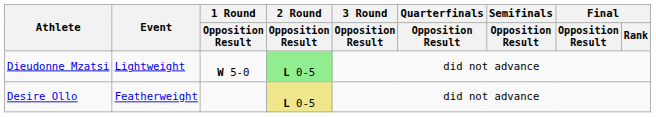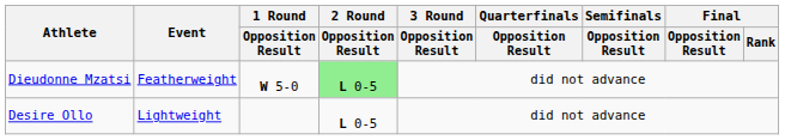 <table class="wikitable" style="font-size:90%">
 <tr>
 <th rowspan="2">Athlete</th>
 <th rowspan="2">Event</th>
 <th>1 Round</th>
 <th>2 Round</th>
 <th>3 Round</th>
 <th>Quarterfinals</th>
 <th>Semifinals</th>
 <th colspan=2>Final</th>
 </tr>
 <tr style="font-size:95%">
 <th>Opposition<br>Result</th>
 <th>Opposition<br>Result</th>
 <th>Opposition<br>Result</th>
 <th>Opposition<br>Result</th>
 <th>Opposition<br>Result</th>
 <th>Opposition<br>Result</th>
 <th>Rank</th>
 </tr>
 <tr align=center>
 <td align=left><a href='#'>Dieudonne Mzatsi</a></td>
-<td align=left><a href='#'>Lightweight</a></td>
+<td align=left><a href='#'>Featherweight</a></td>
 <td><br><strong>W</strong> 5-0</td>
 <td style="background: lightgreen;"><br><strong>L</strong> 0-5</td>
 <td colspan=5>did not advance</td>
 </tr>
 <tr align=center>
 <td align=left><a href='#'>Desire Ollo</a></td>
-<td align=left><a href='#'>Featherweight</a></td>
+<td align=left><a href='#'>Lightweight</a></td>
 <td></td>
-<td style="background: khaki;"><br><strong>L</strong> 0-5</td>
+<td><br><strong>L</strong> 0-5</td>
 <td colspan=5>did not advance</td>
 </tr>
 </table>
